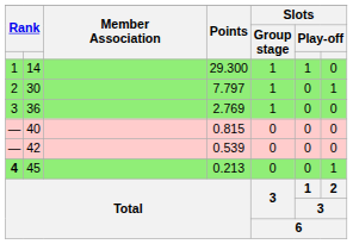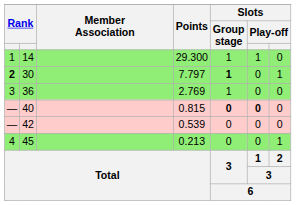 <table class="wikitable" style="text-align:center">
 <tr>
 </tr>
 <tr>
 <th colspan=2 rowspan=2><a href='#'>Rank</a></th>
 <th rowspan=3 width=200>Member<br>Association</th>
 <th rowspan=3>Points</th>
 <th colspan=4>Slots</th>
 </tr>
 <tr>
 <th rowspan=2>Group<br>stage</th>
 <th colspan=3>Play-off</th>
 </tr>
 <tr>
 <th></th>
 <th></th>
 <th></th>
 <th></th>
 </tr>
 <tr bgcolor=#90ee77>
 <td>1</td>
 <td>14</td>
 <td align=left></td>
 <td>29.300</td>
 <td>1</td>
 <td>1</td>
 <td>0</td>
 </tr>
 <tr bgcolor=#90ee77>
-<td>2</td>
+<td><strong>2</strong></td>
 <td>30</td>
 <td align=left></td>
 <td>7.797</td>
-<td>1</td>
+<td><strong>1</strong></td>
 <td>0</td>
 <td>1</td>
 </tr>
 <tr bgcolor=#90ee77>
 <td>3</td>
 <td>36</td>
 <td align=left></td>
 <td>2.769</td>
 <td>1</td>
 <td>0</td>
 <td>0</td>
 </tr>
 <tr bgcolor=#ffcccc>
 <td>—</td>
 <td>40</td>
 <td align=left></td>
 <td>0.815</td>
-<td>0</td>
-<td>0</td>
+<td><strong>0</strong></td>
+<td><strong>0</strong></td>
 <td>0</td>
 </tr>
 <tr bgcolor=#ffcccc>
 <td>—</td>
 <td>42</td>
 <td align=left></td>
 <td>0.539</td>
 <td>0</td>
 <td>0</td>
 <td>0</td>
 </tr>
 <tr bgcolor=#90ee77>
-<td><strong>4</strong></td>
+<td>4</td>
 <td>45</td>
 <td align=left></td>
 <td>0.213</td>
 <td>0</td>
 <td>0</td>
 <td>1</td>
 </tr>
 <tr>
 <th colspan=4 rowspan=3>Total</th>
 <th rowspan=2>3</th>
 <th>1</th>
 <th>2</th>
 </tr>
 <tr>
 <th colspan=3>3</th>
 </tr>
 <tr>
 <th colspan=4>6</th>
 </tr>
 </table>
